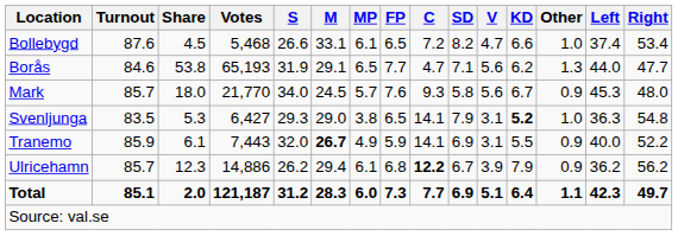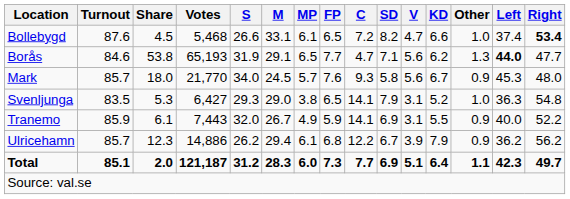 <table class="wikitable sortable" style=text-align:right>
 <tr>
 <th>Location</th>
 <th>Turnout</th>
 <th>Share</th>
 <th>Votes</th>
 <th><a href='#'>S</a></th>
 <th><a href='#'>M</a></th>
 <th><a href='#'>MP</a></th>
 <th><a href='#'>FP</a></th>
 <th><a href='#'>C</a></th>
 <th><a href='#'>SD</a></th>
 <th><a href='#'>V</a></th>
 <th><a href='#'>KD</a></th>
 <th>Other</th>
 <th><a href='#'>Left</a></th>
 <th><a href='#'>Right</a></th>
 </tr>
 <tr>
 <td align=left><a href='#'>Bollebygd</a></td>
 <td>87.6</td>
 <td>4.5</td>
 <td>5,468</td>
 <td>26.6</td>
 <td>33.1</td>
 <td>6.1</td>
 <td>6.5</td>
 <td>7.2</td>
 <td>8.2</td>
 <td>4.7</td>
 <td>6.6</td>
 <td>1.0</td>
 <td>37.4</td>
-<td>53.4</td>
+<td><strong>53.4</strong></td>
 </tr>
 <tr>
 <td align=left><a href='#'>Borås</a></td>
 <td>84.6</td>
 <td>53.8</td>
 <td>65,193</td>
 <td>31.9</td>
 <td>29.1</td>
 <td>6.5</td>
 <td>7.7</td>
 <td>4.7</td>
 <td>7.1</td>
 <td>5.6</td>
 <td>6.2</td>
 <td>1.3</td>
-<td>44.0</td>
+<td><strong>44.0</strong></td>
 <td>47.7</td>
 </tr>
 <tr>
 <td align=left><a href='#'>Mark</a></td>
 <td>85.7</td>
 <td>18.0</td>
 <td>21,770</td>
 <td>34.0</td>
 <td>24.5</td>
 <td>5.7</td>
 <td>7.6</td>
 <td>9.3</td>
 <td>5.8</td>
 <td>5.6</td>
 <td>6.7</td>
 <td>0.9</td>
 <td>45.3</td>
 <td>48.0</td>
 </tr>
 <tr>
 <td align=left><a href='#'>Svenljunga</a></td>
 <td>83.5</td>
 <td>5.3</td>
 <td>6,427</td>
 <td>29.3</td>
 <td>29.0</td>
 <td>3.8</td>
 <td>6.5</td>
 <td>14.1</td>
 <td>7.9</td>
 <td>3.1</td>
-<td><strong>5.2</strong></td>
+<td>5.2</td>
 <td>1.0</td>
 <td>36.3</td>
 <td>54.8</td>
 </tr>
 <tr>
 <td align=left><a href='#'>Tranemo</a></td>
 <td>85.9</td>
 <td>6.1</td>
 <td>7,443</td>
 <td>32.0</td>
-<td><strong>26.7</strong></td>
+<td>26.7</td>
 <td>4.9</td>
 <td>5.9</td>
 <td>14.1</td>
 <td>6.9</td>
 <td>3.1</td>
 <td>5.5</td>
 <td>0.9</td>
 <td>40.0</td>
 <td>52.2</td>
 </tr>
 <tr>
 <td align=left><a href='#'>Ulricehamn</a></td>
 <td>85.7</td>
 <td>12.3</td>
 <td>14,886</td>
 <td>26.2</td>
 <td>29.4</td>
 <td>6.1</td>
 <td>6.8</td>
-<td><strong>12.2</strong></td>
+<td>12.2</td>
 <td>6.7</td>
 <td>3.9</td>
 <td>7.9</td>
 <td>0.9</td>
 <td>36.2</td>
 <td>56.2</td>
 </tr>
 <tr>
 <td align=left><strong>Total</strong></td>
 <td><strong>85.1</strong></td>
 <td><strong>2.0</strong></td>
 <td><strong>121,187</strong></td>
 <td><strong>31.2</strong></td>
 <td><strong>28.3</strong></td>
 <td><strong>6.0</strong></td>
 <td><strong>7.3</strong></td>
 <td><strong>7.7</strong></td>
 <td><strong>6.9</strong></td>
 <td><strong>5.1</strong></td>
 <td><strong>6.4</strong></td>
 <td><strong>1.1</strong></td>
 <td><strong>42.3</strong></td>
 <td><strong>49.7</strong></td>
 </tr>
 <tr>
 <td align=left colspan=15>Source: val.se </td>
 </tr>
 </table>
